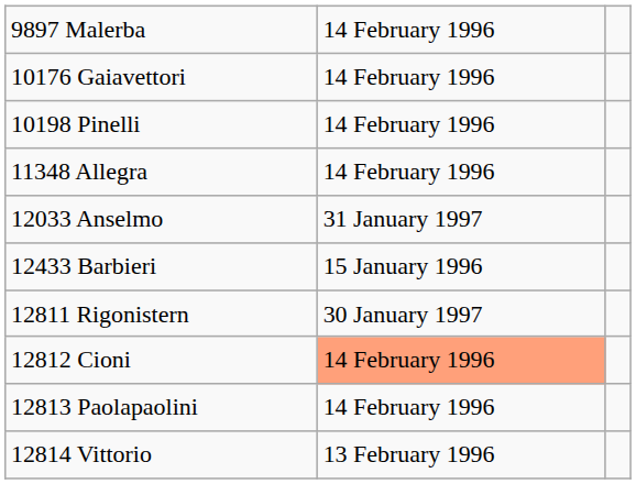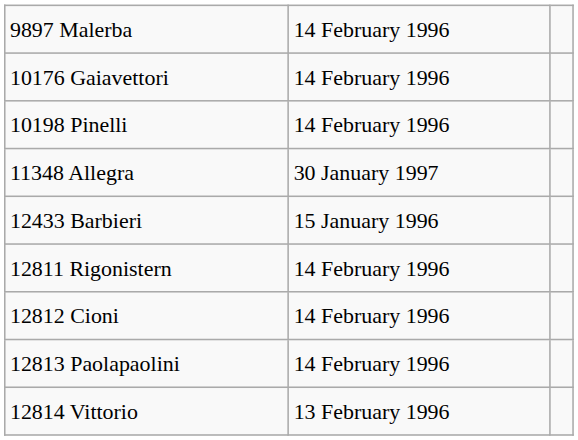 <table class="wikitable" style="font-size: 89%; float: left; width: 26em; margin-right: 1em; height: 280px;">
 <tr>
 <td>9897 Malerba</td>
 <td>14 February 1996</td>
 <td> </td>
 </tr>
 <tr>
 <td>10176 Gaiavettori</td>
 <td>14 February 1996</td>
 <td> </td>
 </tr>
 <tr>
 <td>10198 Pinelli</td>
 <td>14 February 1996</td>
 <td> </td>
 </tr>
 <tr>
 <td>11348 Allegra</td>
-<td>14 February 1996</td>
-<td> </td>
-</tr>
-<tr>
-<td>12033 Anselmo</td>
-<td>31 January 1997</td>
+<td>30 January 1997</td>
 <td> </td>
 </tr>
 <tr>
 <td>12433 Barbieri</td>
 <td>15 January 1996</td>
 <td> </td>
 </tr>
 <tr>
 <td>12811 Rigonistern</td>
-<td>30 January 1997</td>
+<td>14 February 1996</td>
 <td> </td>
 </tr>
 <tr>
 <td>12812 Cioni</td>
-<td style="background: lightsalmon;">14 February 1996</td>
+<td>14 February 1996</td>
 <td> </td>
 </tr>
 <tr>
 <td>12813 Paolapaolini</td>
 <td>14 February 1996</td>
 <td> </td>
 </tr>
 <tr>
 <td>12814 Vittorio</td>
 <td>13 February 1996</td>
 <td> </td>
 </tr>
 </table>
